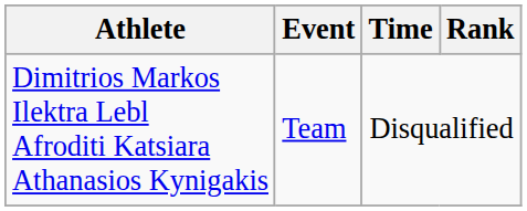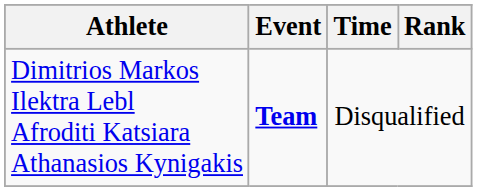 <table class=wikitable style="font-size:90%;">
 <tr>
 <th>Athlete</th>
 <th>Event</th>
 <th>Time</th>
 <th>Rank</th>
 </tr>
 <tr style="text-align:center">
 <td style="text-align:left"><a href='#'>Dimitrios Markos</a><br><a href='#'>Ilektra Lebl</a><br><a href='#'>Afroditi Katsiara</a><br><a href='#'>Athanasios Kynigakis</a></td>
-<td style="text-align:left"><a href='#'>Team</a></td>
+<td style="text-align:left"><strong><a href='#'>Team</a></strong></td>
 <td colspan=2>Disqualified</td>
 </tr>
 </table>
